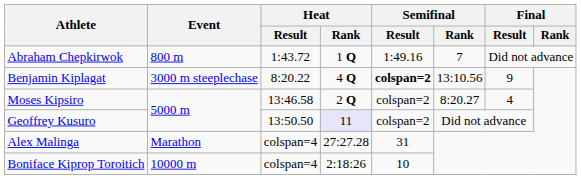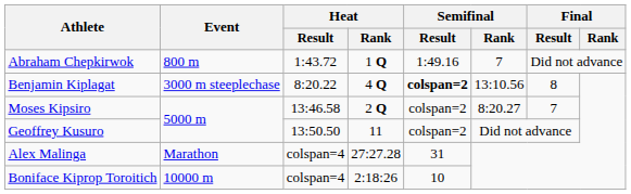 <table class=wikitable style="font-size:90%">
 <tr>
 <th rowspan="2">Athlete</th>
 <th rowspan="2">Event</th>
 <th colspan="2">Heat</th>
 <th colspan="2">Semifinal</th>
 <th colspan="2">Final</th>
 </tr>
 <tr style="font-size:95%">
 <th>Result</th>
 <th>Rank</th>
 <th>Result</th>
 <th>Rank</th>
 <th>Result</th>
 <th>Rank</th>
 </tr>
 <tr align=center>
 <td align=left><a href='#'>Abraham Chepkirwok</a></td>
 <td align=left><a href='#'>800 m</a></td>
 <td>1:43.72</td>
 <td>1 <strong>Q</strong></td>
 <td>1:49.16</td>
 <td>7</td>
 <td colspan=2>Did not advance</td>
 </tr>
 <tr align=center>
 <td align=left><a href='#'>Benjamin Kiplagat</a></td>
 <td align=left><a href='#'>3000 m steeplechase</a></td>
 <td>8:20.22</td>
 <td>4 <strong>Q</strong></td>
 <td><strong>colspan=2 </strong></td>
 <td>13:10.56</td>
-<td>9</td>
+<td>8</td>
 </tr>
 <tr align=center>
 <td align=left><a href='#'>Moses Kipsiro</a></td>
 <td align=left rowspan=2><a href='#'>5000 m</a></td>
 <td>13:46.58</td>
 <td>2 <strong>Q</strong></td>
 <td>colspan=2 </td>
 <td>8:20.27</td>
-<td>4</td>
+<td>7</td>
 </tr>
 <tr align=center>
 <td align=left><a href='#'>Geoffrey Kusuro</a></td>
 <td>13:50.50</td>
-<td style="background: lavender;">11</td>
+<td>11</td>
 <td>colspan=2 </td>
 <td colspan=2>Did not advance</td>
 </tr>
 <tr align=center>
 <td align=left><a href='#'>Alex Malinga</a></td>
 <td align=left><a href='#'>Marathon</a></td>
 <td>colspan=4 </td>
 <td>27:27.28</td>
 <td>31</td>
 </tr>
 <tr align=center>
 <td align=left><a href='#'>Boniface Kiprop Toroitich</a></td>
 <td align=left><a href='#'>10000 m</a></td>
 <td>colspan=4 </td>
 <td>2:18:26</td>
 <td>10</td>
 </tr>
 </table>
